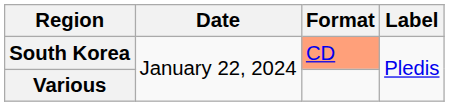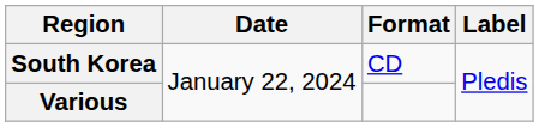 <table class="wikitable plainrowheaders">
 <tr>
 <th scope="col">Region</th>
 <th scope="col">Date</th>
 <th scope="col">Format</th>
 <th scope="col">Label</th>
 </tr>
 <tr>
 <th scope="row">South Korea</th>
 <td rowspan="2">January 22, 2024</td>
-<td style="background: lightsalmon;"><a href='#'>CD</a></td>
+<td><a href='#'>CD</a></td>
 <td rowspan="2"><a href='#'>Pledis</a></td>
 </tr>
 <tr>
 <th scope="row">Various</th>
 <td></td>
 </tr>
 </table>
